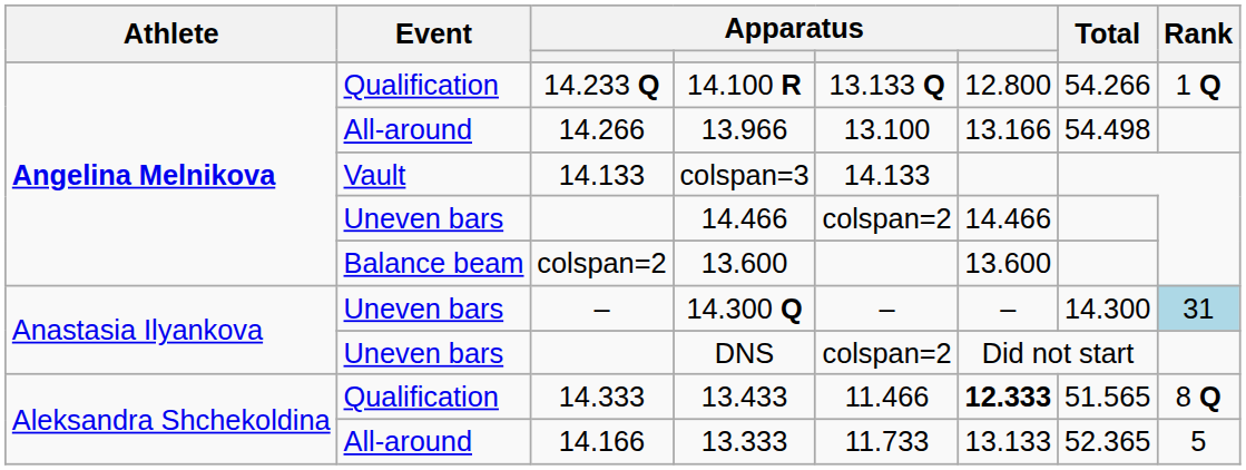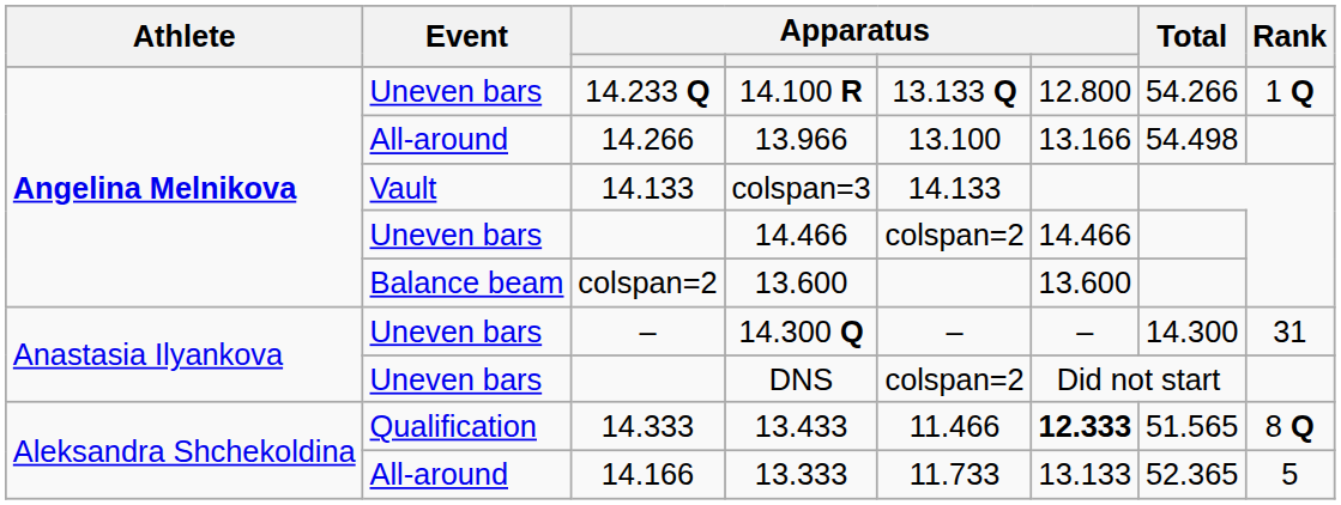 <table class="wikitable" style="text-align:center; font-size:90%">
 <tr>
 <th rowspan=2>Athlete</th>
 <th rowspan=2>Event</th>
 <th colspan=4>Apparatus</th>
 <th rowspan=2>Total</th>
 <th rowspan=2>Rank</th>
 </tr>
 <tr style="font-size:95%">
 <th></th>
 <th></th>
 <th></th>
 <th></th>
 </tr>
 <tr>
 <td rowspan=5 align=left><strong><a href='#'>Angelina Melnikova</a></strong></td>
-<td align=left><a href='#'>Qualification</a></td>
+<td align=left><a href='#'>Uneven bars</a></td>
 <td>14.233 <strong>Q</strong></td>
 <td>14.100 <strong>R</strong></td>
 <td>13.133 <strong>Q</strong></td>
 <td>12.800</td>
 <td>54.266</td>
 <td>1 <strong>Q</strong></td>
 </tr>
 <tr>
 <td align=left><a href='#'>All-around</a></td>
 <td>14.266</td>
 <td>13.966</td>
 <td>13.100</td>
 <td>13.166</td>
 <td>54.498</td>
 <td></td>
 </tr>
 <tr>
 <td align=left><a href='#'>Vault</a></td>
 <td>14.133</td>
 <td>colspan=3 </td>
 <td>14.133</td>
 <td></td>
 </tr>
 <tr>
 <td align=left><a href='#'>Uneven bars</a></td>
 <td></td>
 <td>14.466</td>
 <td>colspan=2 </td>
 <td>14.466</td>
 <td></td>
 </tr>
 <tr>
 <td align=left><a href='#'>Balance beam</a></td>
 <td>colspan=2 </td>
 <td>13.600</td>
 <td></td>
 <td>13.600</td>
 <td></td>
 </tr>
 <tr>
 <td rowspan=2 align=left><a href='#'>Anastasia Ilyankova</a></td>
 <td align=left><a href='#'>Uneven bars</a></td>
 <td>–</td>
 <td>14.300 <strong>Q</strong></td>
 <td>–</td>
 <td>–</td>
 <td>14.300</td>
-<td style="background: lightblue;">31</td>
+<td>31</td>
 </tr>
 <tr>
 <td align=left><a href='#'>Uneven bars</a></td>
 <td></td>
 <td>DNS</td>
 <td>colspan=2 </td>
 <td colspan=2>Did not start</td>
 </tr>
 <tr>
 <td rowspan=2 align=left><a href='#'>Aleksandra Shchekoldina</a></td>
 <td align=left><a href='#'>Qualification</a></td>
 <td>14.333</td>
 <td>13.433</td>
 <td>11.466</td>
 <td><strong>12.333</strong></td>
 <td>51.565</td>
 <td>8 <strong>Q</strong></td>
 </tr>
 <tr>
 <td align=left><a href='#'>All-around</a></td>
 <td>14.166</td>
 <td>13.333</td>
 <td>11.733</td>
 <td>13.133</td>
 <td>52.365</td>
 <td>5</td>
 </tr>
 </table>
